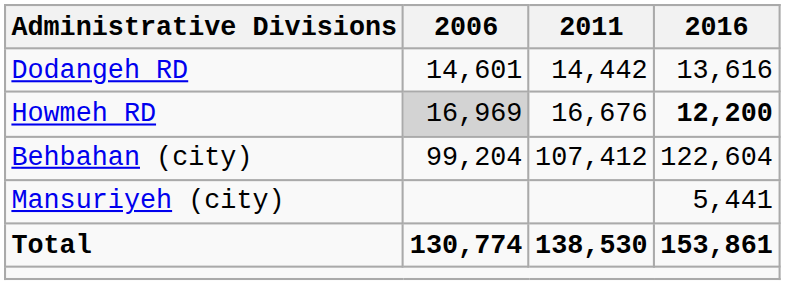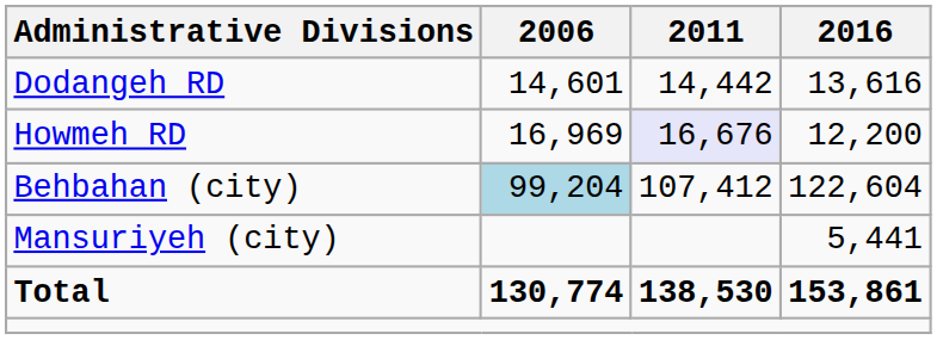 <table class="wikitable">
 <tr>
 <th>Administrative Divisions</th>
 <th>2006</th>
 <th>2011</th>
 <th>2016</th>
 </tr>
 <tr>
 <td><a href='#'>Dodangeh RD</a></td>
 <td style="text-align: right;">14,601</td>
 <td style="text-align: right;">14,442</td>
 <td style="text-align: right;">13,616</td>
 </tr>
 <tr>
 <td><a href='#'>Howmeh RD</a></td>
-<td style="background: lightgrey; text-align: right;">16,969</td>
-<td style="text-align: right;">16,676</td>
-<td style="text-align: right;"><strong>12,200</strong></td>
+<td style="text-align: right;">16,969</td>
+<td style="background: lavender; text-align: right;">16,676</td>
+<td style="text-align: right;">12,200</td>
 </tr>
 <tr>
 <td><a href='#'>Behbahan</a> (city)</td>
-<td style="text-align: right;">99,204</td>
+<td style="background: lightblue; text-align: right;">99,204</td>
 <td style="text-align: right;">107,412</td>
 <td style="text-align: right;">122,604</td>
 </tr>
 <tr>
 <td><a href='#'>Mansuriyeh</a> (city)</td>
 <td style="text-align: right;"></td>
 <td style="text-align: right;"></td>
 <td style="text-align: right;">5,441</td>
 </tr>
 <tr>
 <td><strong>Total</strong></td>
 <td style="text-align: right;"><strong>130,774</strong></td>
 <td style="text-align: right;"><strong>138,530</strong></td>
 <td style="text-align: right;"><strong>153,861</strong></td>
 </tr>
 <tr>
 <td colspan=4></td>
 </tr>
 </table>
